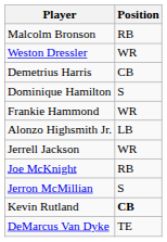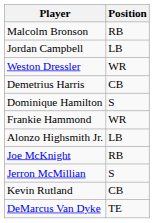 <table class="wikitable sortable">
 <tr>
 <th>Player</th>
 <th>Position</th>
 </tr>
 <tr>
 <td>Malcolm Bronson</td>
 <td>RB</td>
+</tr>
+<tr>
+<td>Jordan Campbell</td>
+<td>LB</td>
 </tr>
 <tr>
 <td><a href='#'>Weston Dressler</a></td>
 <td>WR</td>
 </tr>
 <tr>
 <td>Demetrius Harris</td>
 <td>CB</td>
 </tr>
 <tr>
 <td>Dominique Hamilton</td>
 <td>S</td>
 </tr>
 <tr>
 <td>Frankie Hammond</td>
 <td>WR</td>
 </tr>
 <tr>
 <td>Alonzo Highsmith Jr.</td>
 <td>LB</td>
 </tr>
 <tr>
-<td>Jerrell Jackson</td>
-<td>WR</td>
-</tr>
-<tr>
 <td><a href='#'>Joe McKnight</a></td>
 <td>RB</td>
 </tr>
 <tr>
 <td><a href='#'>Jerron McMillian</a></td>
 <td>S</td>
 </tr>
 <tr>
 <td>Kevin Rutland</td>
-<td><strong>CB</strong></td>
+<td>CB</td>
 </tr>
 <tr>
 <td><a href='#'>DeMarcus Van Dyke</a></td>
 <td>TE</td>
 </tr>
 </table>
